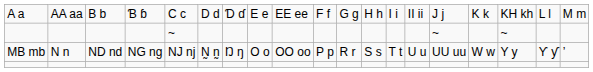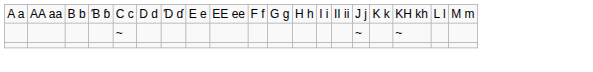 <table class="wikitable">
 <tr>
 <td>A a</td>
 <td>AA aa</td>
 <td>B b</td>
 <td>Ɓ ɓ</td>
 <td>C c</td>
 <td>D d</td>
 <td>Ɗ ɗ</td>
 <td>E e</td>
 <td>EE ee</td>
 <td>F f</td>
 <td>G g</td>
 <td>H h</td>
 <td>I i</td>
 <td>II ii</td>
 <td>J j</td>
 <td>K k</td>
 <td>KH kh</td>
 <td>L l</td>
 <td>M m</td>
 </tr>
 <tr>
 <td></td>
 <td></td>
 <td></td>
 <td></td>
 <td>‍~‍</td>
 <td></td>
 <td></td>
 <td></td>
 <td></td>
 <td></td>
 <td></td>
 <td></td>
 <td></td>
 <td></td>
 <td>~‍</td>
 <td></td>
 <td>~</td>
 <td></td>
 <td></td>
 </tr>
 <tr>
-<td>MB mb</td>
-<td>N n</td>
-<td>ND nd</td>
-<td>NG ng</td>
-<td>NJ nj</td>
-<td>N̰ n̰</td>
-<td>Ŋ ŋ</td>
-<td>O o</td>
-<td>OO oo</td>
-<td>P p</td>
-<td>R r</td>
-<td>S s</td>
-<td>T t</td>
-<td>U u</td>
-<td>UU uu</td>
-<td>W w</td>
-<td>Y y</td>
-<td>Ƴ ƴ</td>
-<td>’</td>
-</tr>
-<tr>
 <td></td>
 <td></td>
 <td></td>
 <td></td>
 <td></td>
 <td></td>
 <td></td>
 <td></td>
 <td></td>
 <td></td>
 <td></td>
 <td></td>
 <td></td>
 <td></td>
 <td></td>
 <td></td>
 <td></td>
 <td></td>
 <td></td>
 </tr>
 </table>
